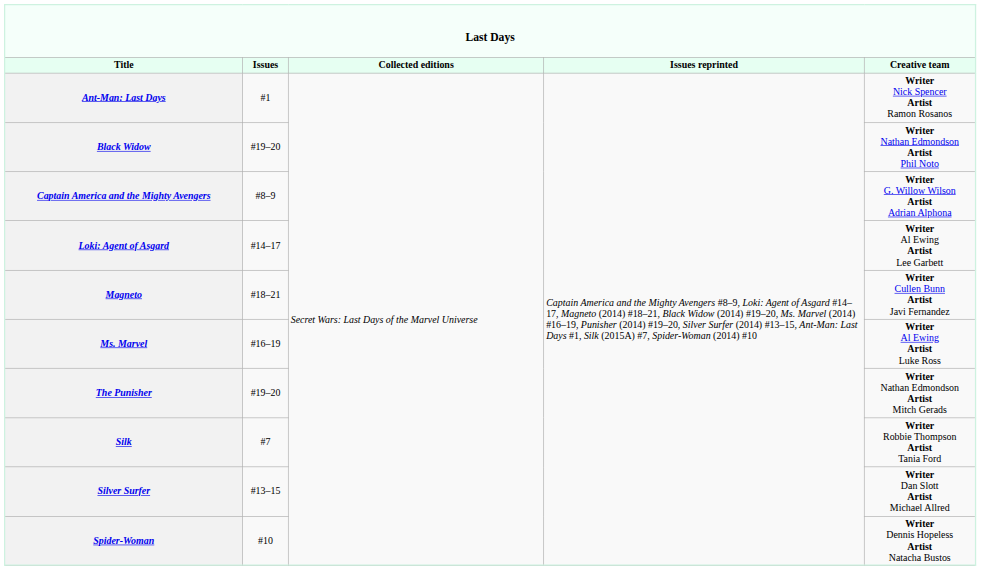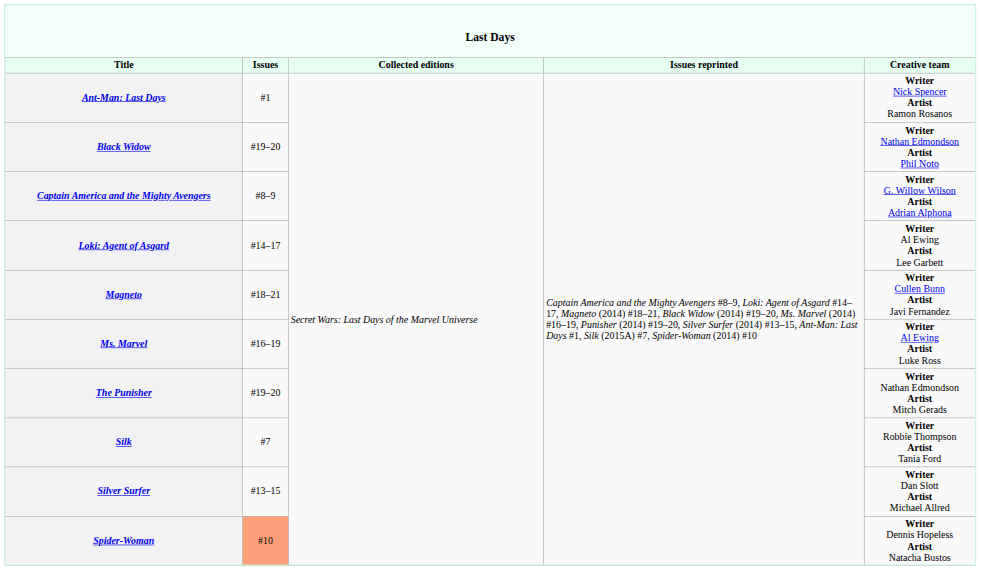 <table class="wikitable collapsible"  style="text-align:center; border:2px solid #cef2e0; font-weight:normal;">
 <tr>
 <th colspan="5" style="background:#f5fffa;"><br><h3>Last Days</h3></th>
 </tr>
 <tr>
 <th scope="col" style="text-align:center; background:#e6fff2;">Title</th>
 <th scope="col" style="text-align:center; background:#e6fff2;">Issues</th>
 <th scope="col" style="text-align:center; background:#e6fff2;">Collected editions</th>
 <th scope="col" style="text-align:center; background:#e6fff2; width:33%;">Issues reprinted</th>
 <th scope="col" style="text-align:center; background:#e6fff2;">Creative team</th>
 </tr>
 <tr>
 <th><em><a href='#'>Ant-Man: Last Days</a></em></th>
 <td>#1</td>
 <td rowspan="10" style="text-align:left;"><em>Secret Wars: Last Days of the Marvel Universe</em></td>
 <td rowspan="10" style="text-align:left;"><em>Captain America and the Mighty Avengers</em> #8–9, <em>Loki: Agent of Asgard</em> #14–17, <em>Magneto</em> (2014) #18–21, <em>Black Widow</em> (2014) #19–20, <em>Ms. Marvel</em> (2014) #16–19, <em>Punisher</em> (2014) #19–20, <em>Silver Surfer</em> (2014) #13–15, <em>Ant-Man: Last Days</em> #1, <em>Silk</em> (2015A) #7, <em>Spider-Woman</em> (2014) #10</td>
 <td><strong>Writer</strong><br><a href='#'>Nick Spencer</a><br><strong>Artist</strong><br>Ramon Rosanos</td>
 </tr>
 <tr>
 <th><em><a href='#'>Black Widow</a></em></th>
 <td>#19–20</td>
 <td><strong>Writer</strong><br><a href='#'>Nathan Edmondson</a><br><strong>Artist</strong><br><a href='#'>Phil Noto</a></td>
 </tr>
 <tr>
 <th><em><a href='#'>Captain America and the Mighty Avengers</a></em></th>
 <td>#8–9</td>
 <td><strong>Writer</strong><br><a href='#'>G. Willow Wilson</a><br><strong>Artist</strong><br><a href='#'>Adrian Alphona</a></td>
 </tr>
 <tr>
 <th><em><a href='#'>Loki: Agent of Asgard</a></em></th>
 <td>#14–17</td>
 <td><strong>Writer</strong><br>Al Ewing<br><strong>Artist</strong><br>Lee Garbett</td>
 </tr>
 <tr>
 <th><em><a href='#'>Magneto</a></em></th>
 <td>#18–21</td>
 <td><strong>Writer</strong><br><a href='#'>Cullen Bunn</a><br><strong>Artist</strong><br>Javi Fernandez</td>
 </tr>
 <tr>
 <th><em><a href='#'>Ms. Marvel</a></em></th>
 <td>#16–19</td>
 <td><strong>Writer</strong><br><a href='#'>Al Ewing</a><br><strong>Artist</strong><br>Luke Ross</td>
 </tr>
 <tr>
 <th><em><a href='#'>The Punisher</a></em></th>
 <td>#19–20</td>
 <td><strong>Writer</strong><br>Nathan Edmondson<br><strong>Artist</strong><br>Mitch Gerads</td>
 </tr>
 <tr>
 <th><em><a href='#'>Silk</a></em></th>
 <td>#7</td>
 <td><strong>Writer</strong><br>Robbie Thompson<br><strong>Artist</strong><br>Tania Ford</td>
 </tr>
 <tr>
 <th><em><a href='#'>Silver Surfer</a></em></th>
 <td>#13–15</td>
 <td><strong>Writer</strong><br>Dan Slott<br><strong>Artist</strong><br>Michael Allred</td>
 </tr>
 <tr>
 <th><em><a href='#'>Spider-Woman</a></em></th>
-<td>#10</td>
+<td style="background: lightsalmon;">#10</td>
 <td><strong>Writer</strong><br>Dennis Hopeless<br><strong>Artist</strong><br>Natacha Bustos</td>
 </tr>
 <tr>
 </tr>
 </table>
